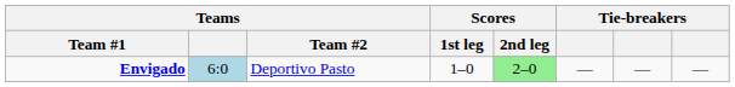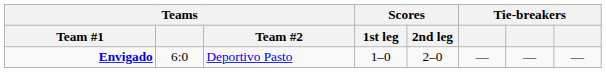 <table class="wikitable" style="text-align:center;">
 <tr>
 <th colspan=3>Teams</th>
 <th colspan=2>Scores</th>
 <th colspan=3>Tie-breakers</th>
 </tr>
 <tr>
 <th width="175">Team #1</th>
 <th width="50"></th>
 <th width="175">Team #2</th>
 <th width="55">1st leg</th>
 <th width="55">2nd leg</th>
 <th width="50"></th>
 <th width="50"></th>
 <th width="50"></th>
 </tr>
 <tr>
 <td align=right><strong><a href='#'>Envigado</a></strong></td>
-<td style="background: lightblue;">6:0</td>
+<td>6:0</td>
 <td align=left><a href='#'>Deportivo Pasto</a></td>
 <td>1–0</td>
-<td style="background: lightgreen;">2–0</td>
+<td>2–0</td>
 <td>—</td>
 <td>—</td>
 <td>—</td>
 </tr>
 </table>
